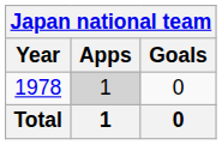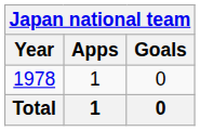 <table class="wikitable" style="text-align:center">
 <tr>
 <th colspan=3><a href='#'>Japan national team</a></th>
 </tr>
 <tr>
 <th>Year</th>
 <th>Apps</th>
 <th>Goals</th>
 </tr>
 <tr>
 <td><a href='#'>1978</a></td>
-<td style="background: lightgrey;">1</td>
+<td>1</td>
 <td>0</td>
 </tr>
 <tr>
 <th>Total</th>
 <th>1</th>
 <th>0</th>
 </tr>
 </table>
